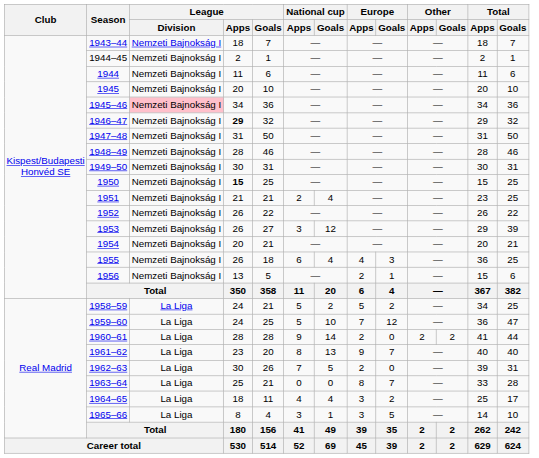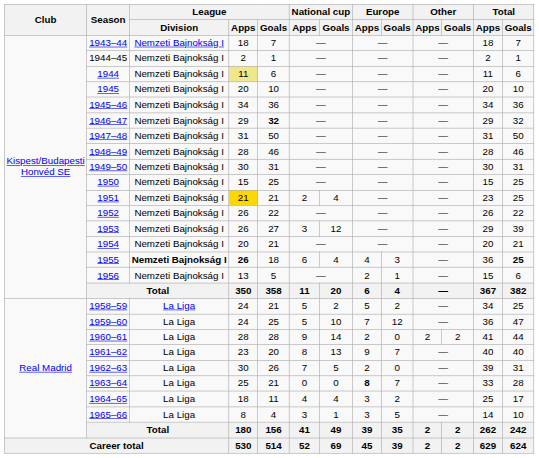 <table class="wikitable" style="text-align:center;">
 <tr>
 <th rowspan="2">Club</th>
 <th rowspan="2">Season</th>
 <th colspan="3">League</th>
 <th colspan="2">National cup</th>
 <th colspan="2">Europe</th>
 <th colspan="2">Other</th>
 <th colspan="2">Total</th>
 </tr>
 <tr>
 <th>Division</th>
 <th>Apps</th>
 <th>Goals</th>
 <th>Apps</th>
 <th>Goals</th>
 <th>Apps</th>
 <th>Goals</th>
 <th>Apps</th>
 <th>Goals</th>
 <th>Apps</th>
 <th>Goals</th>
 </tr>
 <tr>
 <td rowspan="17"><a href='#'>Kispest/Budapesti<br>Honvéd SE</a></td>
 <td><a href='#'>1943–44</a></td>
 <td><a href='#'>Nemzeti Bajnokság I</a></td>
 <td>18</td>
 <td>7</td>
 <td colspan="2">—</td>
 <td colspan="2">—</td>
 <td colspan="2">—</td>
 <td>18</td>
 <td>7</td>
 </tr>
 <tr>
 <td>1944–45</td>
 <td>Nemzeti Bajnokság I</td>
 <td>2</td>
 <td>1</td>
 <td colspan="2">—</td>
 <td colspan="2">—</td>
 <td colspan="2">—</td>
 <td>2</td>
 <td>1</td>
 </tr>
 <tr>
 <td><a href='#'>1944</a></td>
 <td>Nemzeti Bajnokság I</td>
-<td>11</td>
+<td style="background: khaki;">11</td>
 <td>6</td>
 <td colspan="2">—</td>
 <td colspan="2">—</td>
 <td colspan="2">—</td>
 <td>11</td>
 <td>6</td>
 </tr>
 <tr>
 <td><a href='#'>1945</a></td>
 <td>Nemzeti Bajnokság I</td>
 <td>20</td>
 <td>10</td>
 <td colspan="2">—</td>
 <td colspan="2">—</td>
 <td colspan="2">—</td>
 <td>20</td>
 <td>10</td>
 </tr>
 <tr>
 <td><a href='#'>1945–46</a></td>
-<td style="background: pink;">Nemzeti Bajnokság I</td>
+<td>Nemzeti Bajnokság I</td>
 <td>34</td>
 <td>36</td>
 <td colspan="2">—</td>
 <td colspan="2">—</td>
 <td colspan="2">—</td>
 <td>34</td>
 <td>36</td>
 </tr>
 <tr>
 <td><a href='#'>1946–47</a></td>
 <td>Nemzeti Bajnokság I</td>
-<td><strong>29</strong></td>
-<td>32</td>
+<td>29</td>
+<td><strong>32</strong></td>
 <td colspan="2">—</td>
 <td colspan="2">—</td>
 <td colspan="2">—</td>
 <td>29</td>
 <td>32</td>
 </tr>
 <tr>
 <td><a href='#'>1947–48</a></td>
 <td>Nemzeti Bajnokság I</td>
 <td>31</td>
 <td>50</td>
 <td colspan="2">—</td>
 <td colspan="2">—</td>
 <td colspan="2">—</td>
 <td>31</td>
 <td>50</td>
 </tr>
 <tr>
 <td><a href='#'>1948–49</a></td>
 <td>Nemzeti Bajnokság I</td>
 <td>28</td>
 <td>46</td>
 <td colspan="2">—</td>
 <td colspan="2">—</td>
 <td colspan="2">—</td>
 <td>28</td>
 <td>46</td>
 </tr>
 <tr>
 <td><a href='#'>1949–50</a></td>
 <td>Nemzeti Bajnokság I</td>
 <td>30</td>
 <td>31</td>
 <td colspan="2">—</td>
 <td colspan="2">—</td>
 <td colspan="2">—</td>
 <td>30</td>
 <td>31</td>
 </tr>
 <tr>
 <td><a href='#'>1950</a></td>
 <td>Nemzeti Bajnokság I</td>
-<td><strong>15</strong></td>
+<td>15</td>
 <td>25</td>
 <td colspan="2">—</td>
 <td colspan="2">—</td>
 <td colspan="2">—</td>
 <td>15</td>
 <td>25</td>
 </tr>
 <tr>
 <td><a href='#'>1951</a></td>
 <td>Nemzeti Bajnokság I</td>
-<td>21</td>
+<td style="background: gold;">21</td>
 <td>21</td>
 <td>2</td>
 <td>4</td>
 <td colspan="2">—</td>
 <td colspan="2">—</td>
 <td>23</td>
 <td>25</td>
 </tr>
 <tr>
 <td><a href='#'>1952</a></td>
 <td>Nemzeti Bajnokság I</td>
 <td>26</td>
 <td>22</td>
 <td colspan="2">—</td>
 <td colspan="2">—</td>
 <td colspan="2">—</td>
 <td>26</td>
 <td>22</td>
 </tr>
 <tr>
 <td><a href='#'>1953</a></td>
 <td>Nemzeti Bajnokság I</td>
 <td>26</td>
 <td>27</td>
 <td>3</td>
 <td>12</td>
 <td colspan="2">—</td>
 <td colspan="2">—</td>
 <td>29</td>
 <td>39</td>
 </tr>
 <tr>
 <td><a href='#'>1954</a></td>
 <td>Nemzeti Bajnokság I</td>
 <td>20</td>
 <td>21</td>
 <td colspan="2">—</td>
 <td colspan="2">—</td>
 <td colspan="2">—</td>
 <td>20</td>
 <td>21</td>
 </tr>
 <tr>
 <td><a href='#'>1955</a></td>
-<td>Nemzeti Bajnokság I</td>
-<td>26</td>
+<td><strong>Nemzeti Bajnokság I</strong></td>
+<td><strong>26</strong></td>
 <td>18</td>
 <td>6</td>
 <td>4</td>
 <td>4</td>
 <td>3</td>
 <td colspan="2">—</td>
 <td>36</td>
-<td>25</td>
+<td><strong>25</strong></td>
 </tr>
 <tr>
 <td><a href='#'>1956</a></td>
 <td>Nemzeti Bajnokság I</td>
 <td>13</td>
 <td>5</td>
 <td colspan="2">—</td>
 <td>2</td>
 <td>1</td>
 <td colspan="2">—</td>
 <td>15</td>
 <td>6</td>
 </tr>
 <tr>
 <th colspan="2">Total</th>
 <th>350</th>
 <th>358</th>
 <th>11</th>
 <th>20</th>
 <th>6</th>
 <th>4</th>
 <th colspan="2">—</th>
 <th>367</th>
 <th>382</th>
 </tr>
 <tr>
 <td rowspan="9"><a href='#'>Real Madrid</a></td>
 <td><a href='#'>1958–59</a></td>
 <td><a href='#'>La Liga</a></td>
 <td>24</td>
 <td>21</td>
 <td>5</td>
 <td>2</td>
 <td>5</td>
 <td>2</td>
 <td colspan="2">—</td>
 <td>34</td>
 <td>25</td>
 </tr>
 <tr>
 <td><a href='#'>1959–60</a></td>
 <td>La Liga</td>
 <td>24</td>
 <td>25</td>
 <td>5</td>
 <td>10</td>
 <td>7</td>
 <td>12</td>
 <td colspan="2">—</td>
 <td>36</td>
 <td>47</td>
 </tr>
 <tr>
 <td><a href='#'>1960–61</a></td>
 <td>La Liga</td>
 <td>28</td>
 <td>28</td>
 <td>9</td>
 <td>14</td>
 <td>2</td>
 <td>0</td>
 <td>2</td>
 <td>2</td>
 <td>41</td>
 <td>44</td>
 </tr>
 <tr>
 <td><a href='#'>1961–62</a></td>
 <td>La Liga</td>
 <td>23</td>
 <td>20</td>
 <td>8</td>
 <td>13</td>
 <td>9</td>
 <td>7</td>
 <td colspan="2">—</td>
 <td>40</td>
 <td>40</td>
 </tr>
 <tr>
 <td><a href='#'>1962–63</a></td>
 <td>La Liga</td>
 <td>30</td>
 <td>26</td>
 <td>7</td>
 <td>5</td>
 <td>2</td>
 <td>0</td>
 <td colspan="2">—</td>
 <td>39</td>
 <td>31</td>
 </tr>
 <tr>
 <td><a href='#'>1963–64</a></td>
 <td>La Liga</td>
 <td>25</td>
 <td>21</td>
 <td>0</td>
 <td>0</td>
-<td>8</td>
+<td><strong>8</strong></td>
 <td>7</td>
 <td colspan="2">—</td>
 <td>33</td>
 <td>28</td>
 </tr>
 <tr>
 <td><a href='#'>1964–65</a></td>
 <td>La Liga</td>
 <td>18</td>
 <td>11</td>
 <td>4</td>
 <td>4</td>
 <td>3</td>
 <td>2</td>
 <td colspan="2">—</td>
 <td>25</td>
 <td>17</td>
 </tr>
 <tr>
 <td><a href='#'>1965–66</a></td>
 <td>La Liga</td>
 <td>8</td>
 <td>4</td>
 <td>3</td>
 <td>1</td>
 <td>3</td>
 <td>5</td>
 <td colspan="2">—</td>
 <td>14</td>
 <td>10</td>
 </tr>
 <tr>
 <th colspan="2">Total</th>
 <th>180</th>
 <th>156</th>
 <th>41</th>
 <th>49</th>
 <th>39</th>
 <th>35</th>
 <th>2</th>
 <th>2</th>
 <th>262</th>
 <th>242</th>
 </tr>
 <tr>
 <th colspan="3">Career total</th>
 <th>530</th>
 <th>514</th>
 <th>52</th>
 <th>69</th>
 <th>45</th>
 <th>39</th>
 <th>2</th>
 <th>2</th>
 <th>629</th>
 <th>624</th>
 </tr>
 </table>
